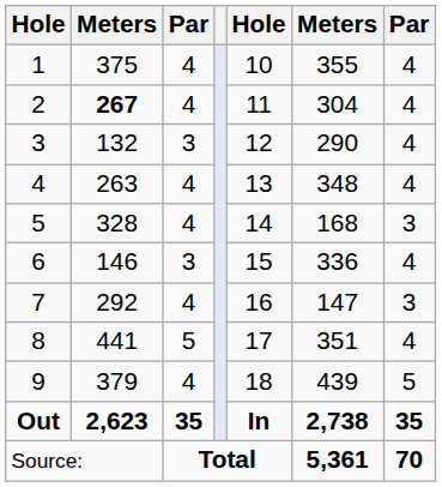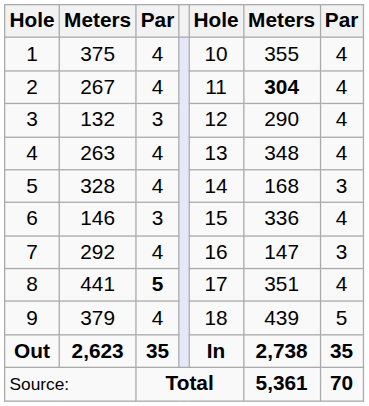 <table class="wikitable" style="text-align:center; font-size:100%;">
 <tr>
 <th>Hole</th>
 <th>Meters</th>
 <th>Par</th>
 <th></th>
 <th>Hole</th>
 <th>Meters</th>
 <th>Par</th>
 </tr>
 <tr>
 <td>1</td>
 <td>375</td>
 <td>4</td>
 <td rowspan="10" style="background:#E6E8FA;"></td>
 <td>10</td>
 <td>355</td>
 <td>4</td>
 </tr>
 <tr>
 <td>2</td>
-<td><strong>267</strong></td>
+<td>267</td>
 <td>4</td>
 <td>11</td>
-<td>304</td>
+<td><strong>304</strong></td>
 <td>4</td>
 </tr>
 <tr>
 <td>3</td>
 <td>132</td>
 <td>3</td>
 <td>12</td>
 <td>290</td>
 <td>4</td>
 </tr>
 <tr>
 <td>4</td>
 <td>263</td>
 <td>4</td>
 <td>13</td>
 <td>348</td>
 <td>4</td>
 </tr>
 <tr>
 <td>5</td>
 <td>328</td>
 <td>4</td>
 <td>14</td>
 <td>168</td>
 <td>3</td>
 </tr>
 <tr>
 <td>6</td>
 <td>146</td>
 <td>3</td>
 <td>15</td>
 <td>336</td>
 <td>4</td>
 </tr>
 <tr>
 <td>7</td>
 <td>292</td>
 <td>4</td>
 <td>16</td>
 <td>147</td>
 <td>3</td>
 </tr>
 <tr>
 <td>8</td>
 <td>441</td>
-<td>5</td>
+<td><strong>5</strong></td>
 <td>17</td>
 <td>351</td>
 <td>4</td>
 </tr>
 <tr>
 <td>9</td>
 <td>379</td>
 <td>4</td>
 <td>18</td>
 <td>439</td>
 <td>5</td>
 </tr>
 <tr>
 <td><strong>Out</strong></td>
 <td><strong>2,623</strong></td>
 <td><strong>35</strong></td>
 <td><strong>In</strong></td>
 <td><strong>2,738</strong></td>
 <td><strong>35</strong></td>
 </tr>
 <tr>
 <td colspan="2" align="left"><small>Source:</small></td>
 <td colspan="3"><strong>Total</strong></td>
 <td><strong>5,361</strong></td>
 <td><strong>70</strong></td>
 </tr>
 </table>
